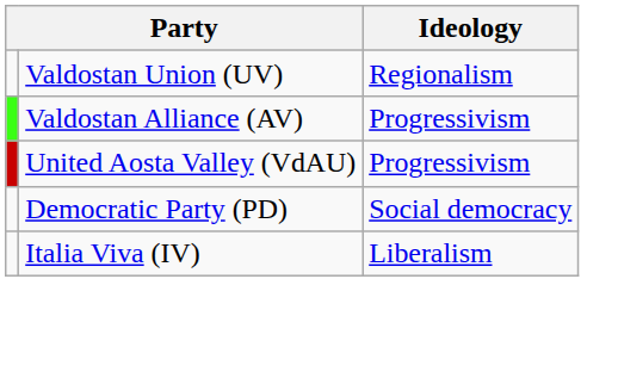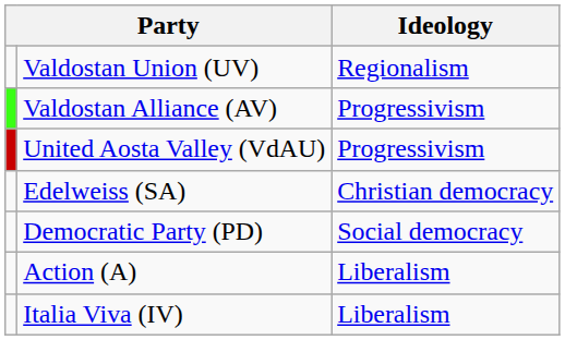 <table class=wikitable style=text-align:left>
 <tr>
 <th colspan=2>Party</th>
 <th>Ideology</th>
 </tr>
 <tr>
 <td></td>
 <td><a href='#'>Valdostan Union</a> (UV)</td>
 <td><a href='#'>Regionalism</a></td>
 </tr>
 <tr>
 <td bgcolor="#39FF14"></td>
 <td><a href='#'>Valdostan Alliance</a> (AV)</td>
 <td><a href='#'>Progressivism</a></td>
 </tr>
 <tr>
 <td bgcolor="#C80000"></td>
 <td><a href='#'>United Aosta Valley</a> (VdAU)</td>
 <td><a href='#'>Progressivism</a></td>
 </tr>
 <tr>
+<td style="background-color:"></td>
+<td><a href='#'>Edelweiss</a> (SA)</td>
+<td><a href='#'>Christian democracy</a></td>
+</tr>
+<tr>
 <td></td>
 <td><a href='#'>Democratic Party</a> (PD)</td>
 <td><a href='#'>Social democracy</a></td>
+</tr>
+<tr>
+<td></td>
+<td><a href='#'>Action</a> (A)</td>
+<td><a href='#'>Liberalism</a></td>
 </tr>
 <tr>
 <td></td>
 <td><a href='#'>Italia Viva</a> (IV)</td>
 <td><a href='#'>Liberalism</a></td>
 </tr>
 </table>
